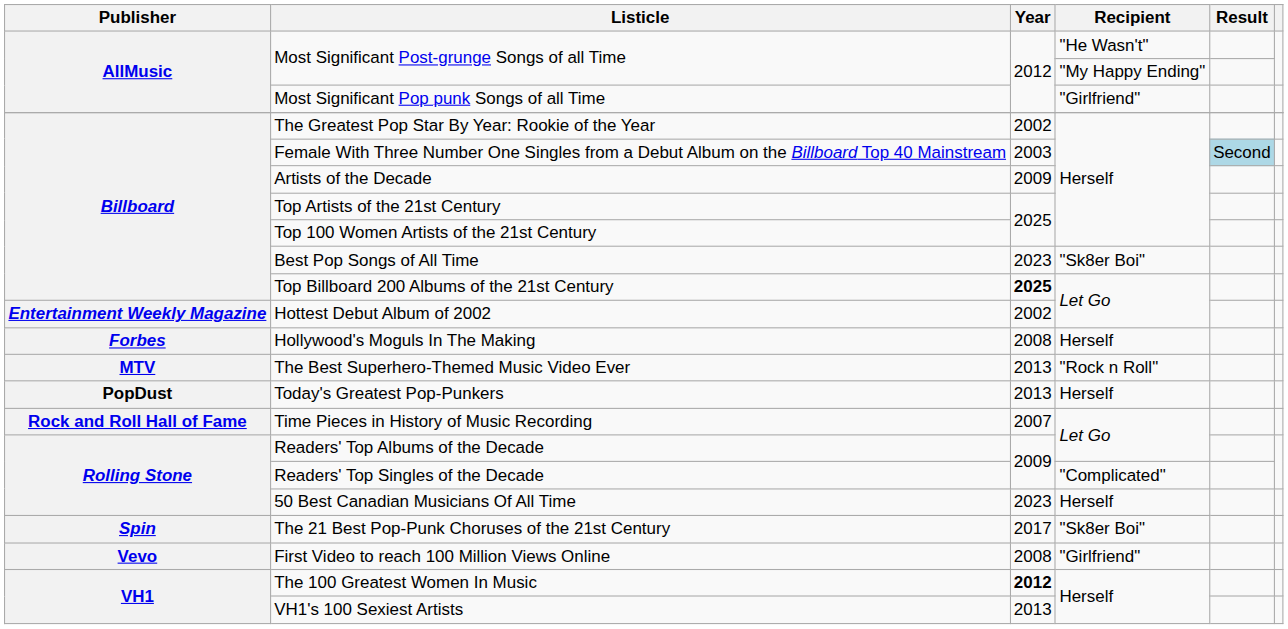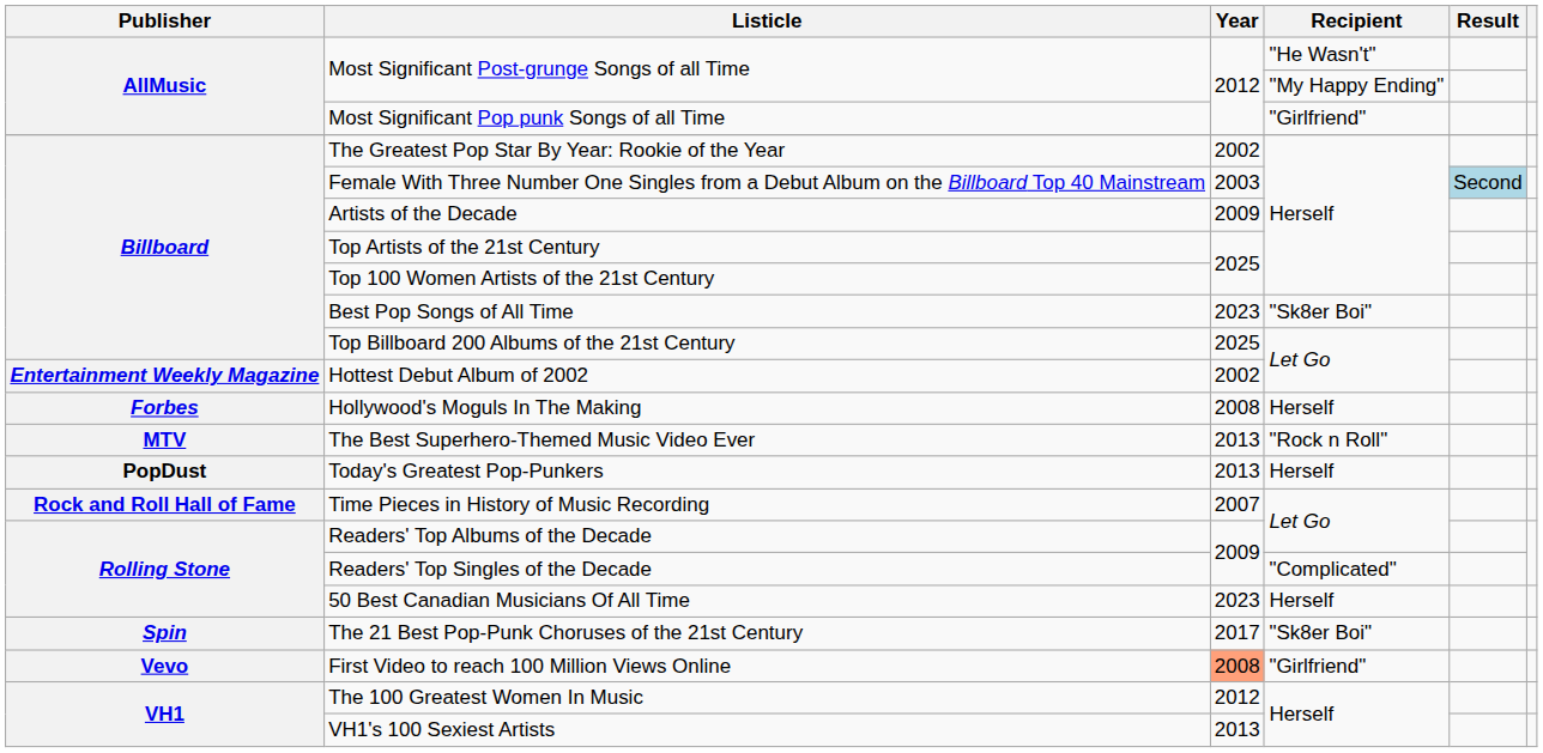 <table class="wikitable plainrowheaders sortable" style="margin-right: 0;">
 <tr>
 <th scope="col">Publisher</th>
 <th scope="col">Listicle</th>
 <th scope="col">Year</th>
 <th scope="col">Recipient</th>
 <th scope="col">Result</th>
 <th scope="col" class="unsortable"></th>
 </tr>
 <tr>
 <th scope="row" rowspan = "3"><a href='#'>AllMusic</a></th>
 <td rowspan= "2">Most Significant <a href='#'>Post-grunge</a> Songs of all Time</td>
 <td style="text-align:center;" rowspan="3">2012</td>
 <td>"He Wasn't"</td>
 <td></td>
 <td style="text-align:center;" rowspan="2"></td>
 </tr>
 <tr>
 <td>"My Happy Ending"</td>
 <td></td>
 </tr>
 <tr>
 <td>Most Significant <a href='#'>Pop punk</a> Songs of all Time</td>
 <td>"Girlfriend"</td>
 <td></td>
 <td style="text-align:center;"></td>
 </tr>
 <tr>
 </tr>
 <tr>
 <th scope="row" rowspan = "7"><em><a href='#'>Billboard</a></em></th>
 <td>The Greatest Pop Star By Year: Rookie of the Year</td>
 <td style="text-align:center;">2002</td>
 <td rowspan="5">Herself</td>
 <td></td>
 <td style="text-align:center;"></td>
 </tr>
 <tr>
 <td>Female With Three Number One Singles from a Debut Album on the <a href='#'><em>Billboard</em> Top 40 Mainstream</a></td>
 <td style="text-align:center;">2003</td>
 <td style="background:lightblue;text-align:center;">Second</td>
 <td align=center></td>
 </tr>
 <tr>
 <td>Artists of the Decade</td>
 <td style="text-align:center;">2009</td>
 <td></td>
 <td style="text-align:center;"></td>
 </tr>
 <tr>
 <td>Top Artists of the 21st Century</td>
 <td style="text-align:center;" rowspan="2">2025</td>
 <td></td>
 <td style="text-align:center;"></td>
 </tr>
 <tr>
 <td>Top 100 Women Artists of the 21st Century</td>
 <td></td>
 <td style="text-align:center;"></td>
 </tr>
 <tr>
 <td>Best Pop Songs of All Time</td>
 <td style="text-align:center;">2023</td>
 <td>"Sk8er Boi"</td>
 <td></td>
 <td style="text-align:center;"></td>
 </tr>
 <tr>
 <td>Top Billboard 200 Albums of the 21st Century</td>
-<td style="text-align:center;"><strong>2025</strong></td>
+<td style="text-align:center;">2025</td>
 <td rowspan = "2"><em>Let Go</em></td>
 <td></td>
 <td style="text-align:center;"></td>
 </tr>
 <tr>
 <th scope="row"><em><a href='#'>Entertainment Weekly Magazine</a></em></th>
 <td>Hottest Debut Album of 2002</td>
 <td style="text-align:center;">2002</td>
 <td></td>
 <td align=center></td>
 </tr>
 <tr>
 <th scope="row"><em><a href='#'>Forbes</a></em></th>
 <td>Hollywood's Moguls In The Making</td>
 <td style="text-align:center;">2008</td>
 <td>Herself</td>
 <td></td>
 <td style="text-align:center;"></td>
 </tr>
 <tr>
 <th scope="row"><a href='#'>MTV</a></th>
 <td>The Best Superhero-Themed Music Video Ever</td>
 <td style="text-align:center;">2013</td>
 <td>"Rock n Roll"</td>
 <td></td>
 <td style="text-align:center;"></td>
 </tr>
 <tr>
 <th scope="row">PopDust</th>
 <td>Today's Greatest Pop-Punkers</td>
 <td style="text-align:center;">2013</td>
 <td>Herself</td>
 <td></td>
 <td style="text-align:center;"></td>
 </tr>
 <tr>
 <th scope="row"><a href='#'>Rock and Roll Hall of Fame</a></th>
 <td>Time Pieces in History of Music Recording</td>
 <td style="text-align:center;">2007</td>
 <td rowspan = "2"><em>Let Go</em></td>
 <td></td>
 <td style="text-align:center;"></td>
 </tr>
 <tr>
 <th scope="row" rowspan = "3"><em><a href='#'>Rolling Stone</a></em></th>
 <td>Readers' Top Albums of the Decade</td>
 <td style="text-align:center;" rowspan="2">2009</td>
 <td></td>
 <td style="text-align:center;" rowspan = "2"></td>
 </tr>
 <tr>
 <td>Readers' Top Singles of the Decade</td>
 <td>"Complicated"</td>
 <td></td>
 </tr>
 <tr>
 <td>50 Best Canadian Musicians Of All Time</td>
 <td style="text-align:center;">2023</td>
 <td>Herself</td>
 <td></td>
 <td style="text-align:center;"></td>
 </tr>
 <tr>
 <th scope="row"><a href='#'><em>Spin</em></a></th>
 <td>The 21 Best Pop-Punk Choruses of the 21st Century</td>
 <td style="text-align:center;">2017</td>
 <td>"Sk8er Boi"</td>
 <td></td>
 <td style="text-align:center;"></td>
 </tr>
 <tr>
 <th scope="row"><a href='#'>Vevo</a></th>
 <td>First Video to reach 100 Million Views Online</td>
-<td style="text-align:center;">2008</td>
+<td style="background: lightsalmon; text-align:center;">2008</td>
 <td>"Girlfriend"</td>
 <td></td>
 <td style="text-align:center;"></td>
 </tr>
 <tr>
 <th scope="row" rowspan = "2"><a href='#'>VH1</a></th>
 <td>The 100 Greatest Women In Music</td>
-<td style="text-align:center;"><strong>2012</strong></td>
+<td style="text-align:center;">2012</td>
 <td rowspan = "2">Herself</td>
 <td></td>
 <td style="text-align:center;"></td>
 </tr>
 <tr>
 <td>VH1's 100 Sexiest Artists</td>
 <td style="text-align:center;">2013</td>
 <td></td>
 <td style="text-align:center;"></td>
 </tr>
 </table>
